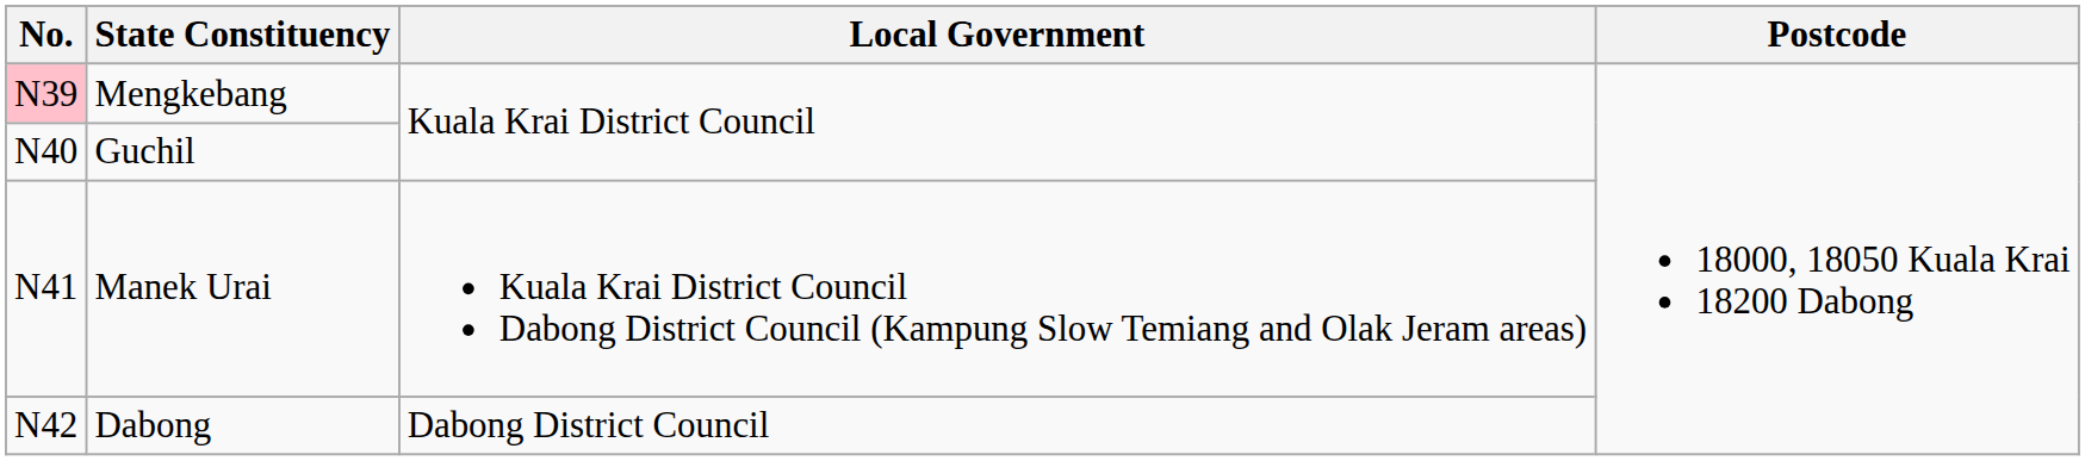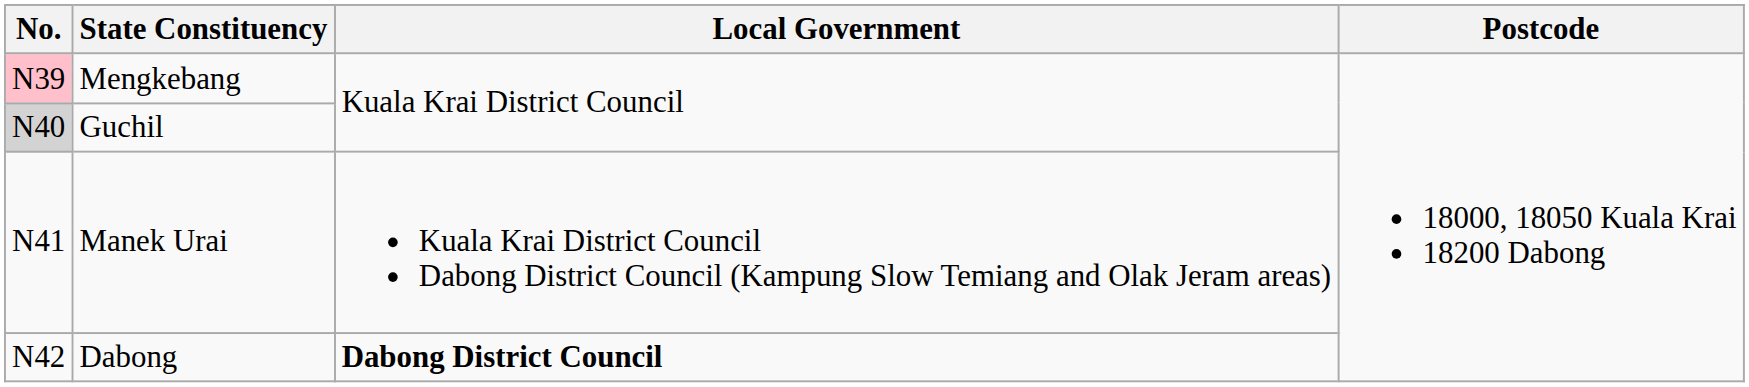 <table class="wikitable">
 <tr>
 <th>No.</th>
 <th>State Constituency</th>
 <th>Local Government</th>
 <th>Postcode</th>
 </tr>
 <tr>
 <td style="background: pink;">N39</td>
 <td>Mengkebang</td>
 <td rowspan="2">Kuala Krai District Council</td>
 <td rowspan="4"><br><ul><li>18000, 18050 Kuala Krai</li><li>18200 Dabong</li></ul></td>
 </tr>
 <tr>
-<td>N40</td>
+<td style="background: lightgrey;">N40</td>
 <td>Guchil</td>
 </tr>
 <tr>
 <td>N41</td>
 <td>Manek Urai</td>
 <td><br><ul><li>Kuala Krai District Council</li><li>Dabong District Council (Kampung Slow Temiang and Olak Jeram areas)</li></ul></td>
 </tr>
 <tr>
 <td>N42</td>
 <td>Dabong</td>
-<td>Dabong District Council</td>
+<td><strong>Dabong District Council</strong></td>
 </tr>
 </table>
